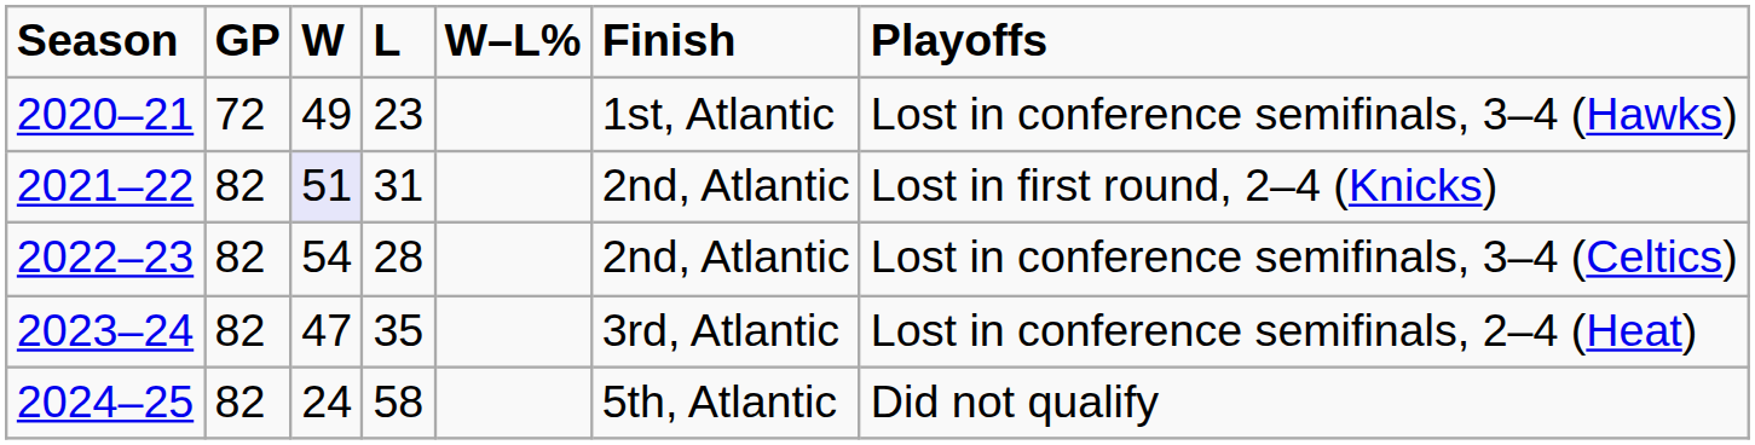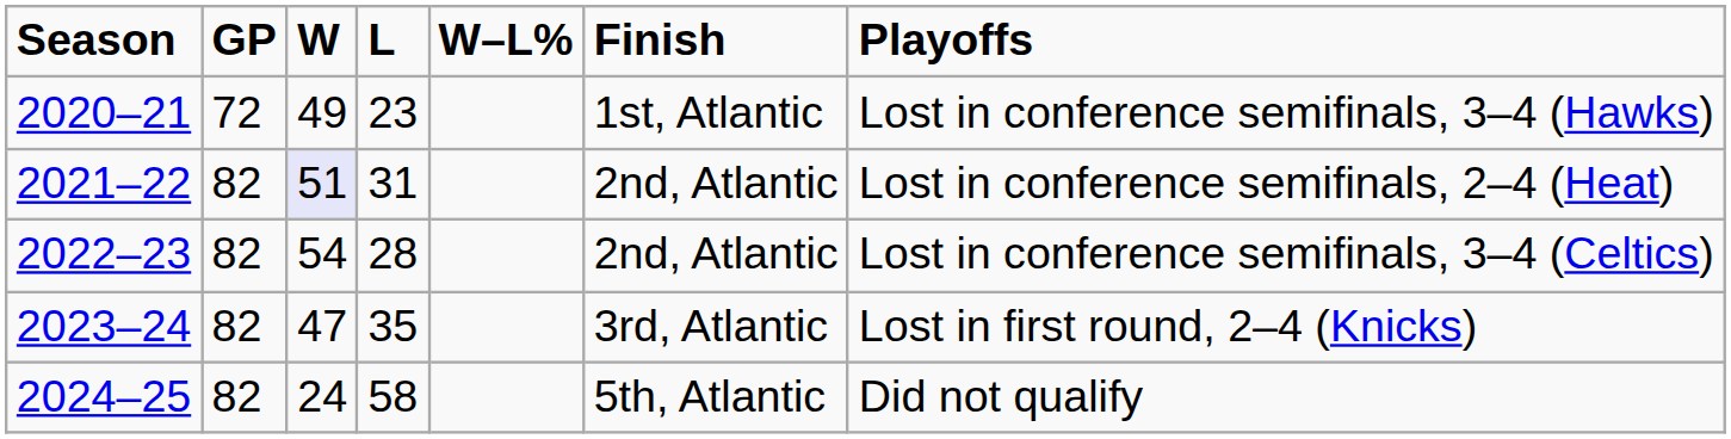 <table class="wikitable">
 <tr style="font-weight:bold; ">
 <td>Season</td>
 <td>GP</td>
 <td>W</td>
 <td>L</td>
 <td>W–L%</td>
 <td>Finish</td>
 <td>Playoffs</td>
 </tr>
 <tr>
 <td><a href='#'>2020–21</a></td>
 <td>72</td>
 <td>49</td>
 <td>23</td>
 <td></td>
 <td>1st, Atlantic</td>
 <td>Lost in conference semifinals, 3–4 (<a href='#'>Hawks</a>)</td>
 </tr>
 <tr>
 <td><a href='#'>2021–22</a></td>
 <td>82</td>
 <td style="background: lavender;">51</td>
 <td>31</td>
 <td></td>
 <td>2nd, Atlantic</td>
-<td>Lost in first round, 2–4 (<a href='#'>Knicks</a>)</td>
+<td>Lost in conference semifinals, 2–4 (<a href='#'>Heat</a>)</td>
 </tr>
 <tr>
 <td><a href='#'>2022–23</a></td>
 <td>82</td>
 <td>54</td>
 <td>28</td>
 <td></td>
 <td>2nd, Atlantic</td>
 <td>Lost in conference semifinals, 3–4 (<a href='#'>Celtics</a>)</td>
 </tr>
 <tr>
 <td><a href='#'>2023–24</a></td>
 <td>82</td>
 <td>47</td>
 <td>35</td>
 <td></td>
 <td>3rd, Atlantic</td>
-<td>Lost in conference semifinals, 2–4 (<a href='#'>Heat</a>)</td>
+<td>Lost in first round, 2–4 (<a href='#'>Knicks</a>)</td>
 </tr>
 <tr>
 <td><a href='#'>2024–25</a></td>
 <td>82</td>
 <td>24</td>
 <td>58</td>
 <td></td>
 <td>5th, Atlantic</td>
 <td>Did not qualify</td>
 </tr>
 </table>
